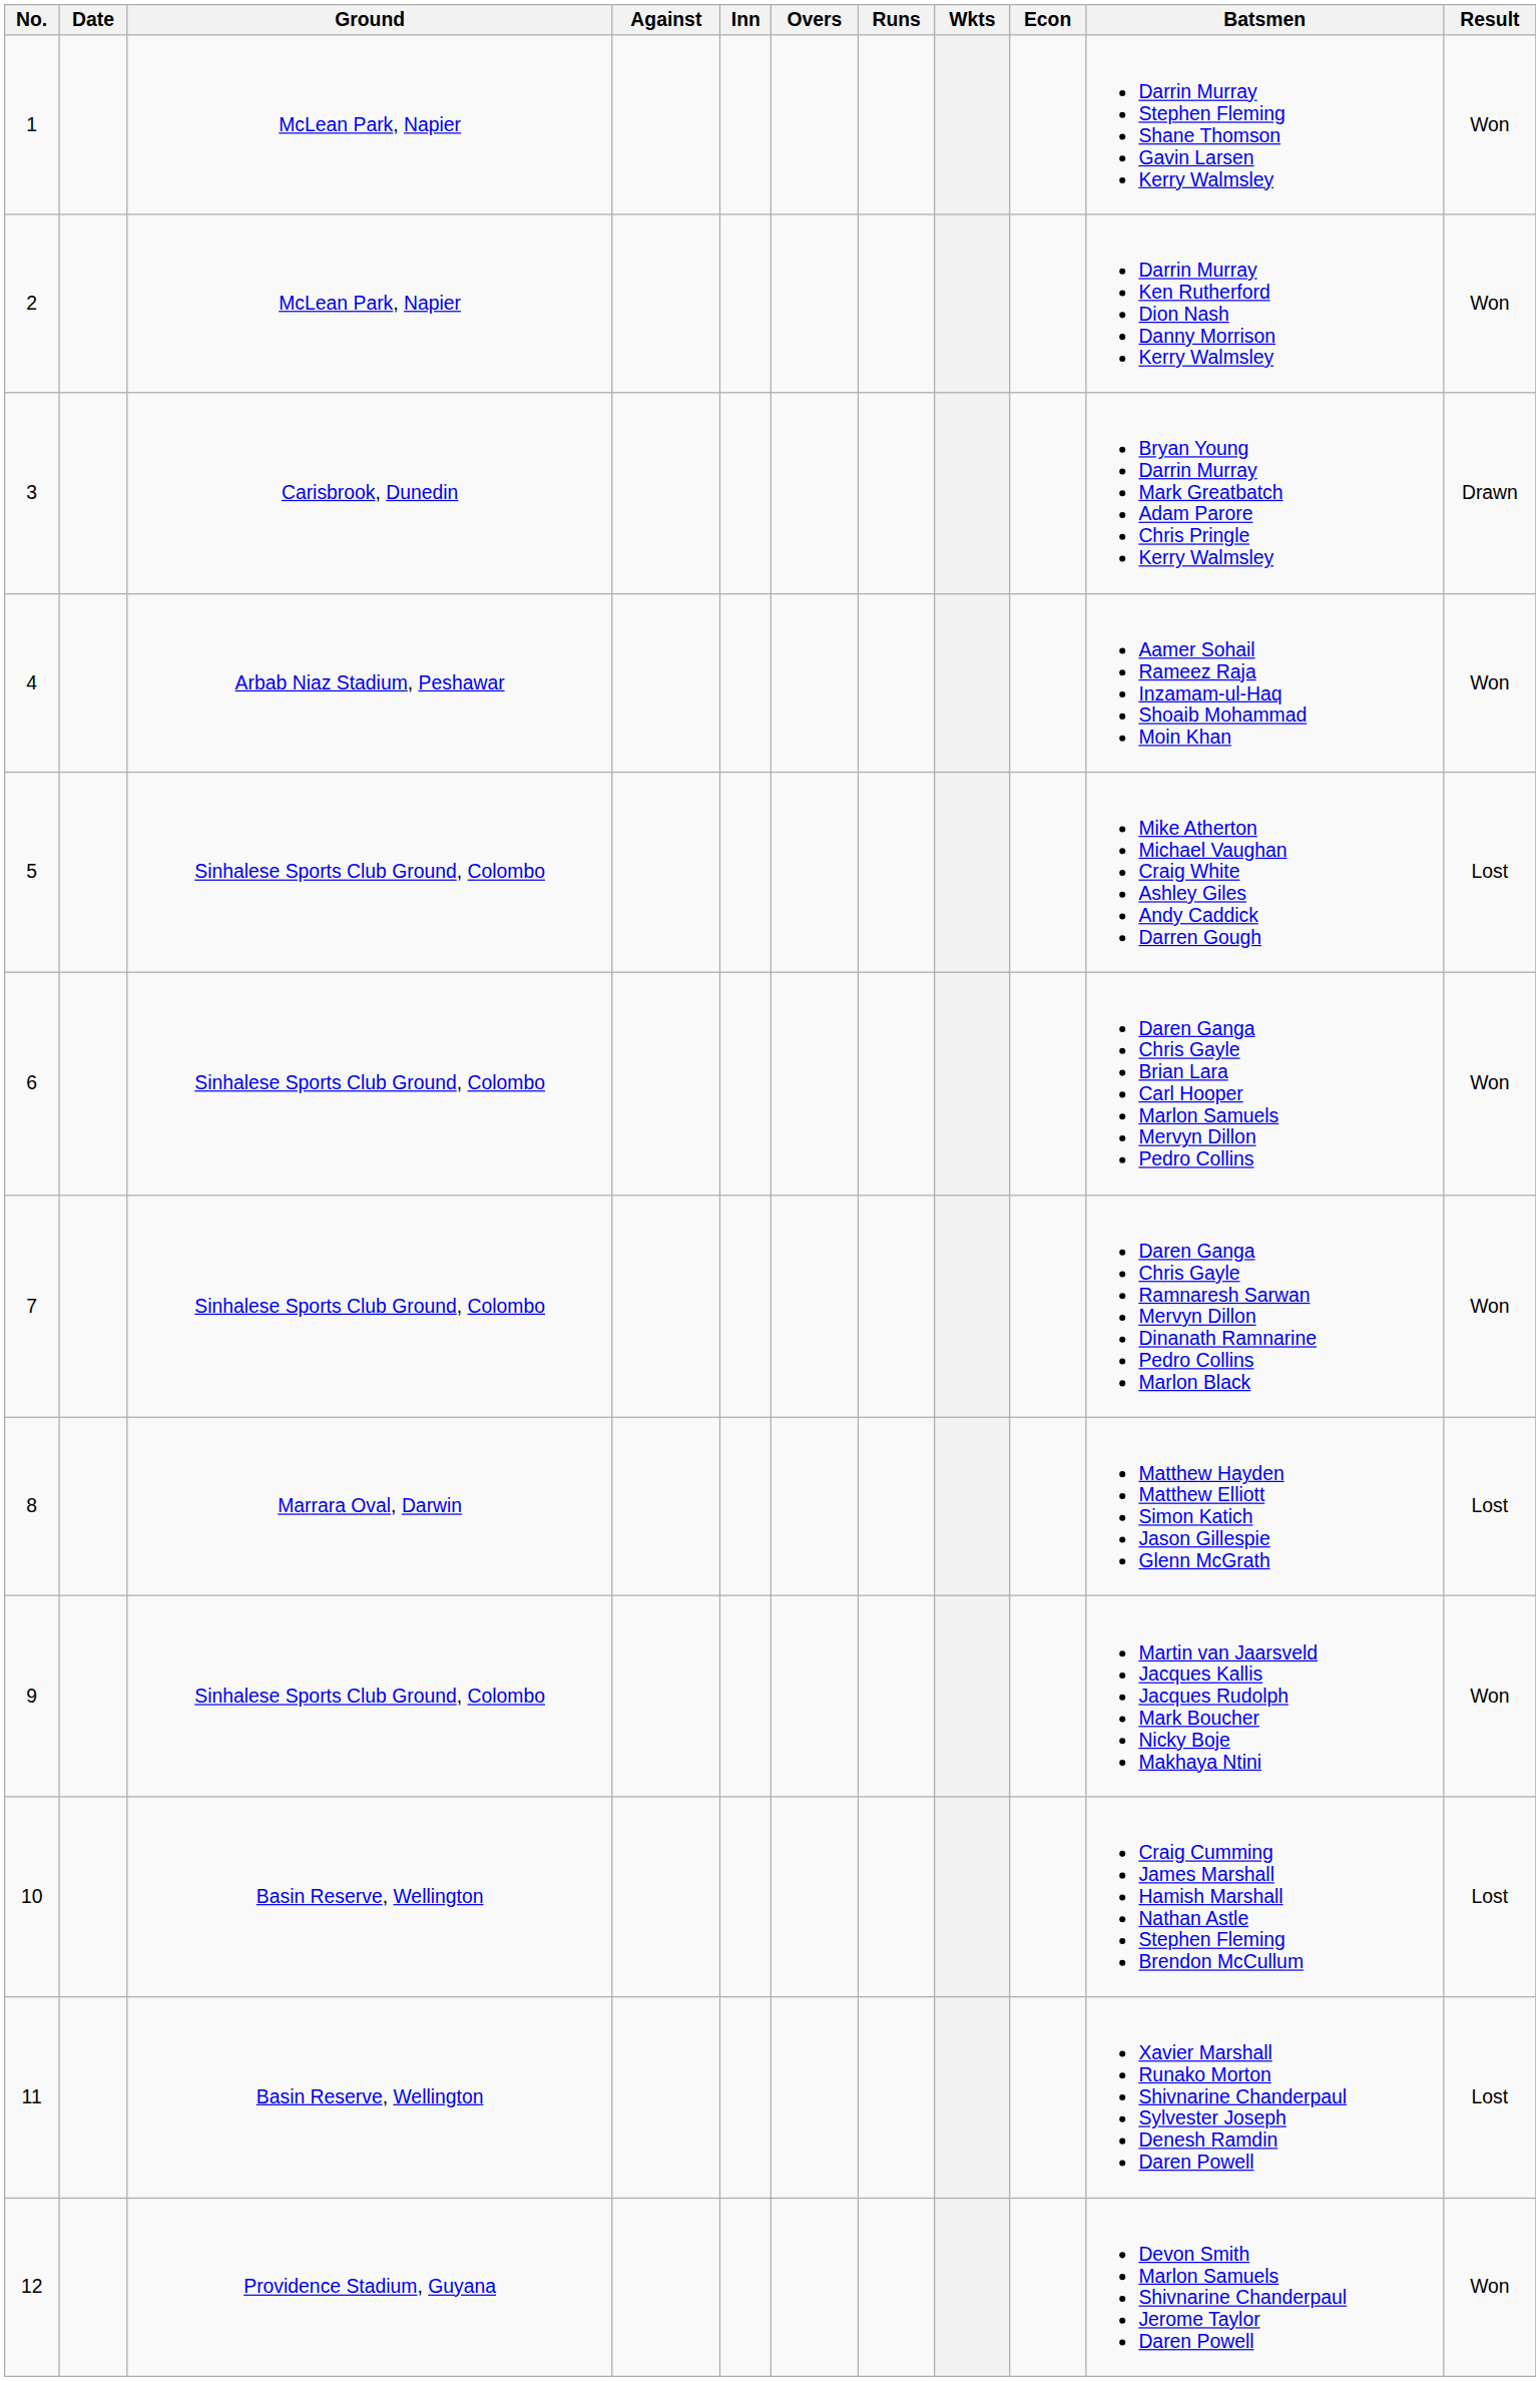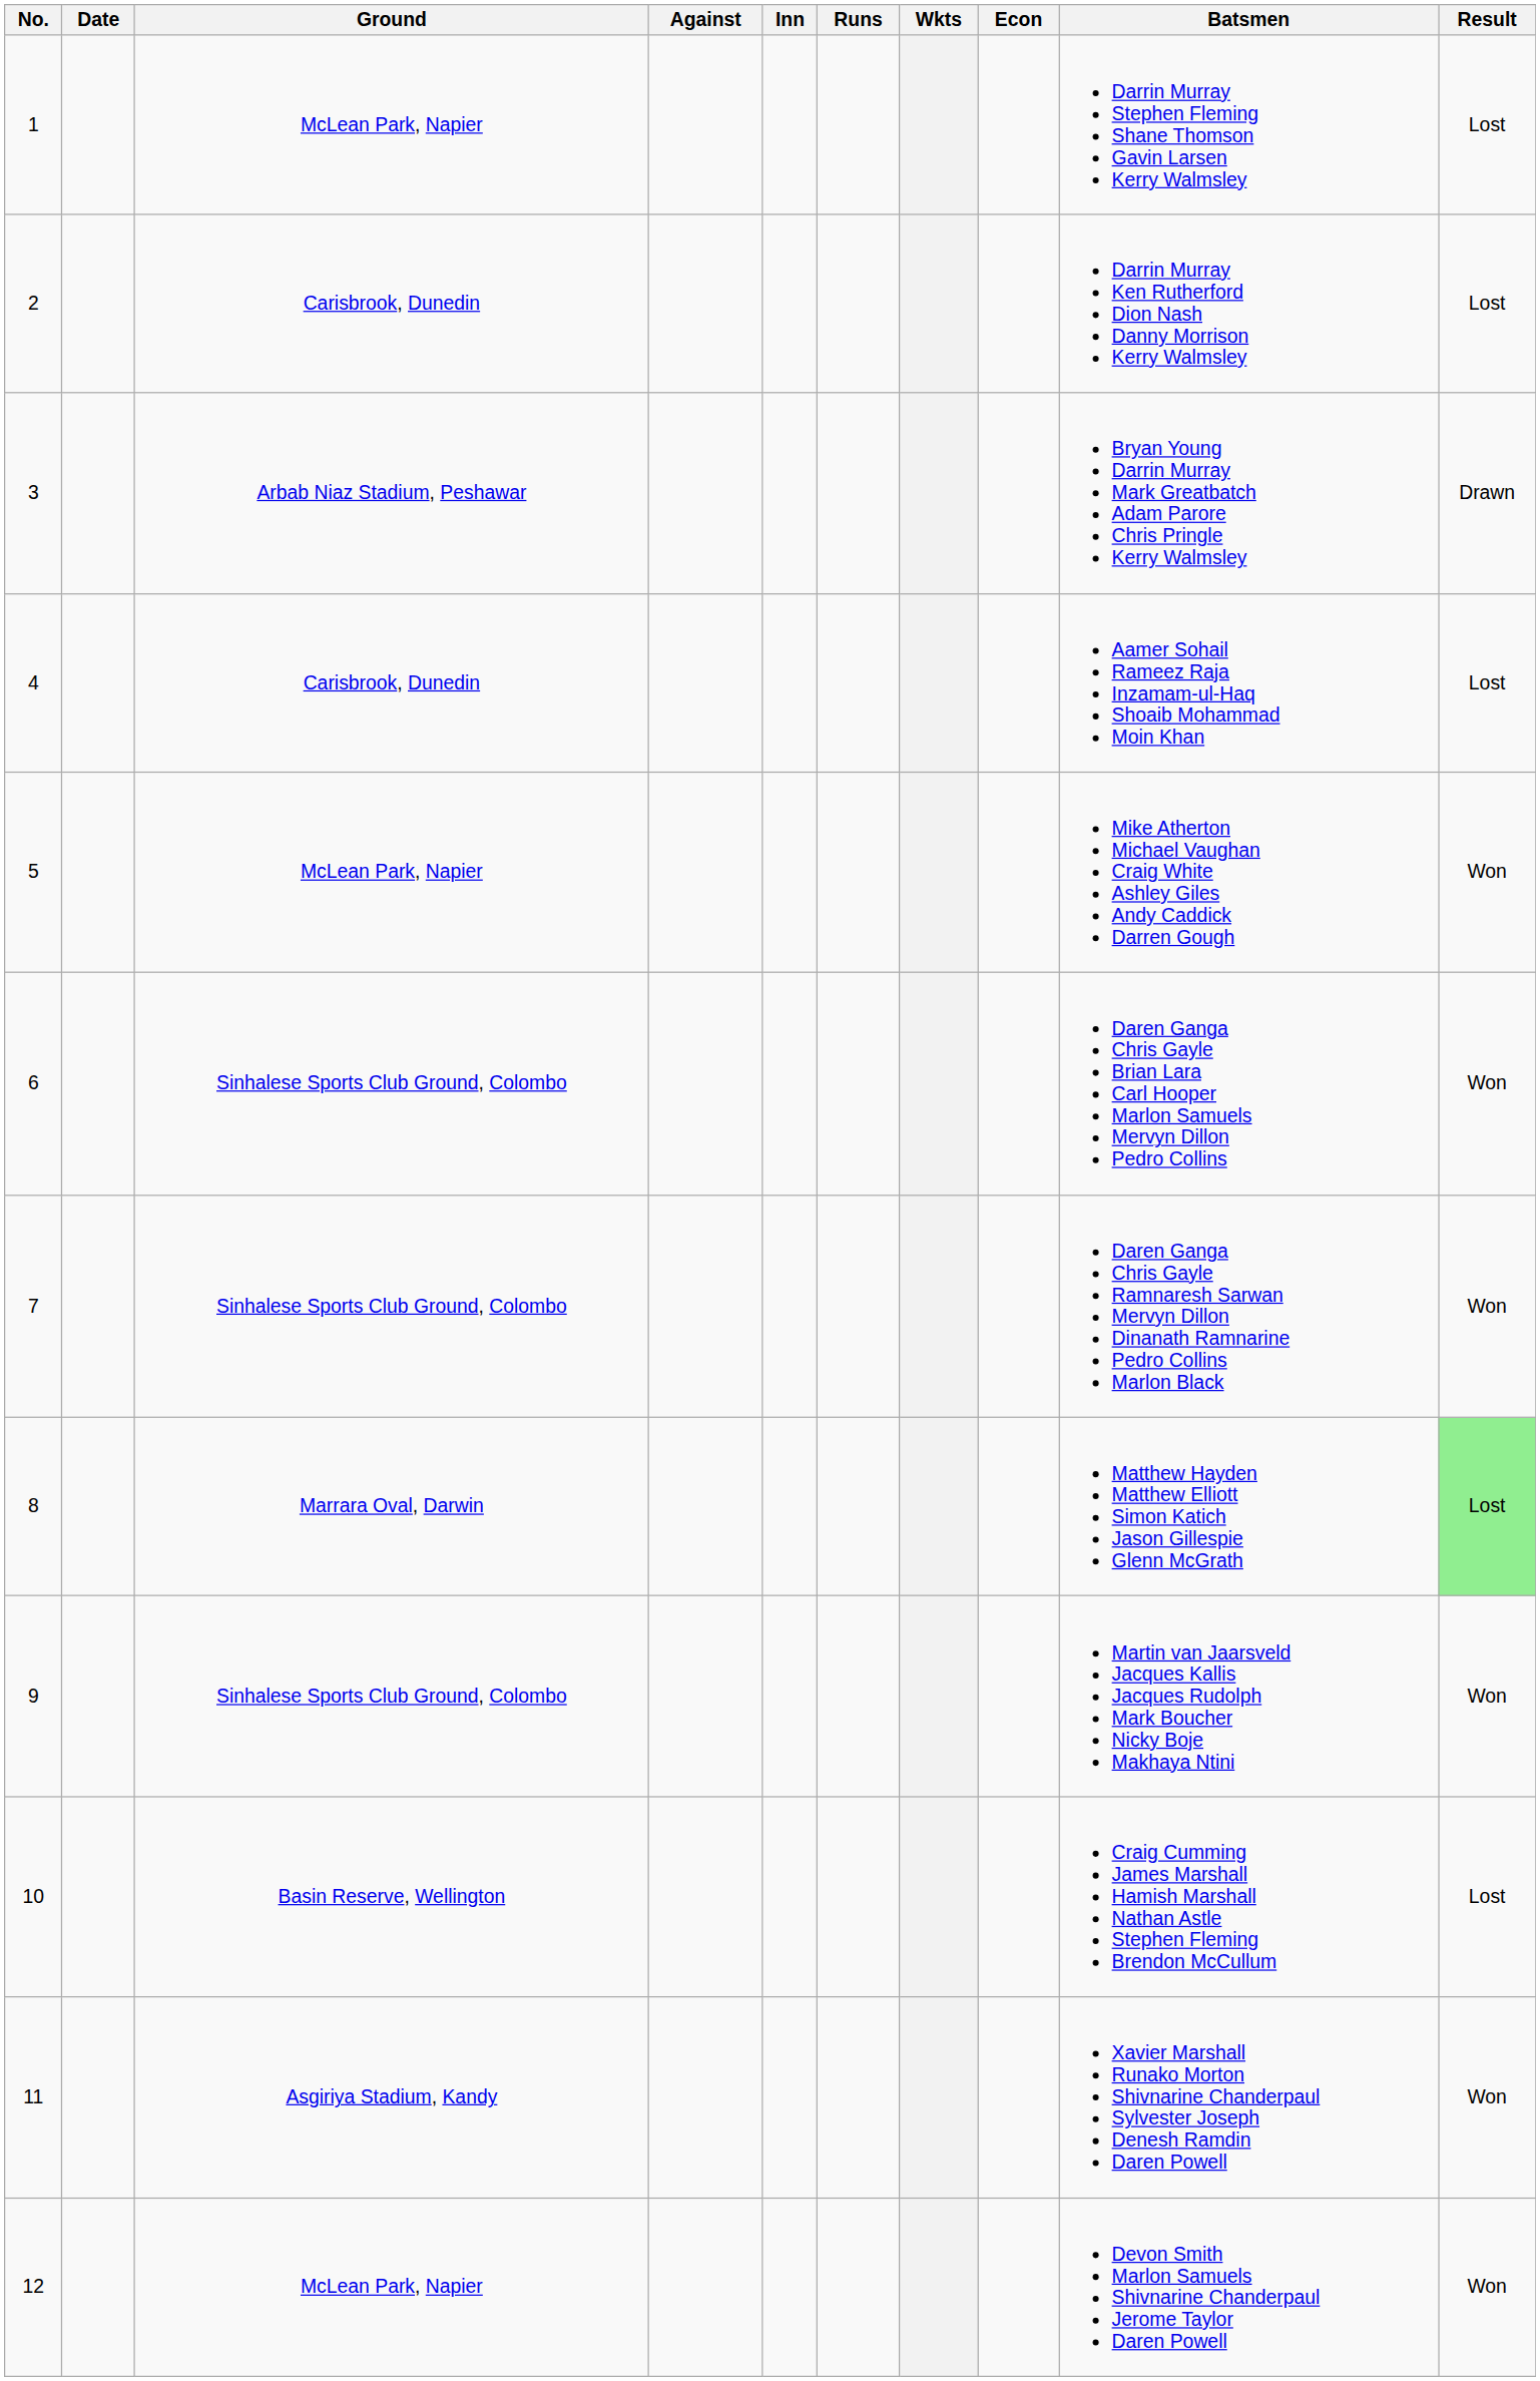 <table class="wikitable plainrowheaders sortable" style="width:100%">
 <tr>
 <th scope="col" class="unsortable">No.</th>
 <th scope="col">Date</th>
 <th scope="col">Ground</th>
 <th scope="col">Against</th>
 <th scope="col">Inn</th>
-<th scope="col">Overs</th>
 <th scope="col">Runs</th>
 <th scope="col">Wkts</th>
 <th scope="col">Econ</th>
 <th scope="col" class="unsortable">Batsmen</th>
 <th scope="col">Result</th>
 </tr>
 <tr align=center>
 <td>1</td>
 <td>   </td>
 <td><a href='#'>McLean Park</a>, <a href='#'>Napier</a></td>
 <td></td>
 <td></td>
 <td></td>
-<td></td>
 <th scope="row"></th>
 <td></td>
 <td align=left><br><ul><li><a href='#'>Darrin Murray</a></li><li><a href='#'>Stephen Fleming</a></li><li><a href='#'>Shane Thomson</a></li><li><a href='#'>Gavin Larsen</a></li><li><a href='#'>Kerry Walmsley</a></li></ul></td>
-<td>Won</td>
+<td>Lost</td>
 </tr>
 <tr align=center>
 <td>2</td>
 <td>   </td>
-<td><a href='#'>McLean Park</a>, <a href='#'>Napier</a></td>
-<td></td>
+<td><a href='#'>Carisbrook</a>, <a href='#'>Dunedin</a></td>
 <td></td>
 <td></td>
 <td></td>
 <th scope="row"></th>
 <td></td>
 <td align=left><br><ul><li><a href='#'>Darrin Murray</a></li><li><a href='#'>Ken Rutherford</a></li><li><a href='#'>Dion Nash</a></li><li><a href='#'>Danny Morrison</a></li><li><a href='#'>Kerry Walmsley</a></li></ul></td>
-<td>Won</td>
+<td>Lost</td>
 </tr>
 <tr align=center>
 <td>3</td>
 <td> </td>
-<td><a href='#'>Carisbrook</a>, <a href='#'>Dunedin</a></td>
-<td></td>
+<td><a href='#'>Arbab Niaz Stadium</a>, <a href='#'>Peshawar</a></td>
 <td></td>
 <td></td>
 <td></td>
 <th scope="row"></th>
 <td></td>
 <td align=left><br><ul><li><a href='#'>Bryan Young</a></li><li><a href='#'>Darrin Murray</a></li><li><a href='#'>Mark Greatbatch</a></li><li><a href='#'>Adam Parore</a></li><li><a href='#'>Chris Pringle</a></li><li><a href='#'>Kerry Walmsley</a></li></ul></td>
 <td>Drawn</td>
 </tr>
 <tr align=center>
 <td>4</td>
 <td></td>
-<td><a href='#'>Arbab Niaz Stadium</a>, <a href='#'>Peshawar</a></td>
-<td></td>
+<td><a href='#'>Carisbrook</a>, <a href='#'>Dunedin</a></td>
 <td></td>
 <td></td>
 <td></td>
 <th scope="row"></th>
 <td></td>
 <td align=left><br><ul><li><a href='#'>Aamer Sohail</a></li><li><a href='#'>Rameez Raja</a></li><li><a href='#'>Inzamam-ul-Haq</a></li><li><a href='#'>Shoaib Mohammad</a></li><li><a href='#'>Moin Khan</a></li></ul></td>
-<td>Won</td>
+<td>Lost</td>
 </tr>
 <tr align=center>
 <td>5</td>
 <td></td>
-<td><a href='#'>Sinhalese Sports Club Ground</a>, <a href='#'>Colombo</a></td>
-<td></td>
+<td><a href='#'>McLean Park</a>, <a href='#'>Napier</a></td>
 <td></td>
 <td></td>
 <td></td>
 <th scope="row"></th>
 <td></td>
 <td align=left><br><ul><li><a href='#'>Mike Atherton</a></li><li><a href='#'>Michael Vaughan</a></li><li><a href='#'>Craig White</a></li><li><a href='#'>Ashley Giles</a></li><li><a href='#'>Andy Caddick</a></li><li><a href='#'>Darren Gough</a></li></ul></td>
-<td>Lost</td>
+<td>Won</td>
 </tr>
 <tr align=center>
 <td>6</td>
 <td>   </td>
 <td><a href='#'>Sinhalese Sports Club Ground</a>, <a href='#'>Colombo</a></td>
-<td></td>
 <td></td>
 <td></td>
 <td></td>
 <th scope="row"></th>
 <td></td>
 <td align=left><br><ul><li><a href='#'>Daren Ganga</a></li><li><a href='#'>Chris Gayle</a></li><li><a href='#'>Brian Lara</a></li><li><a href='#'>Carl Hooper</a></li><li><a href='#'>Marlon Samuels</a></li><li><a href='#'>Mervyn Dillon</a></li><li><a href='#'>Pedro Collins</a></li></ul></td>
 <td>Won</td>
 </tr>
 <tr align=center>
 <td>7</td>
 <td>   </td>
 <td><a href='#'>Sinhalese Sports Club Ground</a>, <a href='#'>Colombo</a></td>
 <td></td>
 <td></td>
 <td></td>
-<td></td>
 <th scope="row"></th>
 <td></td>
 <td align=left><br><ul><li><a href='#'>Daren Ganga</a></li><li><a href='#'>Chris Gayle</a></li><li><a href='#'>Ramnaresh Sarwan</a></li><li><a href='#'>Mervyn Dillon</a></li><li><a href='#'>Dinanath Ramnarine</a></li><li><a href='#'>Pedro Collins</a></li><li><a href='#'>Marlon Black</a></li></ul></td>
 <td>Won</td>
 </tr>
 <tr align=center>
 <td>8</td>
 <td></td>
 <td><a href='#'>Marrara Oval</a>, <a href='#'>Darwin</a></td>
 <td></td>
 <td></td>
 <td></td>
-<td></td>
 <th scope="row"></th>
 <td></td>
 <td align=left><br><ul><li><a href='#'>Matthew Hayden</a></li><li><a href='#'>Matthew Elliott</a></li><li><a href='#'>Simon Katich</a></li><li><a href='#'>Jason Gillespie</a></li><li><a href='#'>Glenn McGrath</a></li></ul></td>
-<td>Lost</td>
+<td style="background: lightgreen;">Lost</td>
 </tr>
 <tr align=center>
 <td>9</td>
 <td></td>
 <td><a href='#'>Sinhalese Sports Club Ground</a>, <a href='#'>Colombo</a></td>
-<td></td>
 <td></td>
 <td></td>
 <td></td>
 <th scope="row"></th>
 <td></td>
 <td align=left><br><ul><li><a href='#'>Martin van Jaarsveld</a></li><li><a href='#'>Jacques Kallis</a></li><li><a href='#'>Jacques Rudolph</a></li><li><a href='#'>Mark Boucher</a></li><li><a href='#'>Nicky Boje</a></li><li><a href='#'>Makhaya Ntini</a></li></ul></td>
 <td>Won</td>
 </tr>
 <tr align=center>
 <td>10</td>
 <td></td>
 <td><a href='#'>Basin Reserve</a>, <a href='#'>Wellington</a></td>
 <td></td>
 <td></td>
 <td></td>
-<td></td>
 <th scope="row"></th>
 <td></td>
 <td align=left><br><ul><li><a href='#'>Craig Cumming</a></li><li><a href='#'>James Marshall</a></li><li><a href='#'>Hamish Marshall</a></li><li><a href='#'>Nathan Astle</a></li><li><a href='#'>Stephen Fleming</a></li><li><a href='#'>Brendon McCullum</a></li></ul></td>
 <td>Lost</td>
 </tr>
 <tr align=center>
 <td>11</td>
 <td></td>
-<td><a href='#'>Basin Reserve</a>, <a href='#'>Wellington</a></td>
-<td></td>
+<td><a href='#'>Asgiriya Stadium</a>, <a href='#'>Kandy</a></td>
 <td></td>
 <td></td>
 <td></td>
 <th scope="row"></th>
 <td></td>
 <td align=left><br><ul><li><a href='#'>Xavier Marshall</a></li><li><a href='#'>Runako Morton</a></li><li><a href='#'>Shivnarine Chanderpaul</a></li><li><a href='#'>Sylvester Joseph</a></li><li><a href='#'>Denesh Ramdin</a></li><li><a href='#'>Daren Powell</a></li></ul></td>
-<td>Lost</td>
+<td>Won</td>
 </tr>
 <tr align=center>
 <td>12</td>
 <td> </td>
-<td><a href='#'>Providence Stadium</a>, <a href='#'>Guyana</a></td>
-<td></td>
+<td><a href='#'>McLean Park</a>, <a href='#'>Napier</a></td>
 <td></td>
 <td></td>
 <td></td>
 <th scope="row"></th>
 <td></td>
 <td align=left><br><ul><li><a href='#'>Devon Smith</a></li><li><a href='#'>Marlon Samuels</a></li><li><a href='#'>Shivnarine Chanderpaul</a></li><li><a href='#'>Jerome Taylor</a></li><li><a href='#'>Daren Powell</a></li></ul></td>
 <td>Won</td>
 </tr>
 </table>
